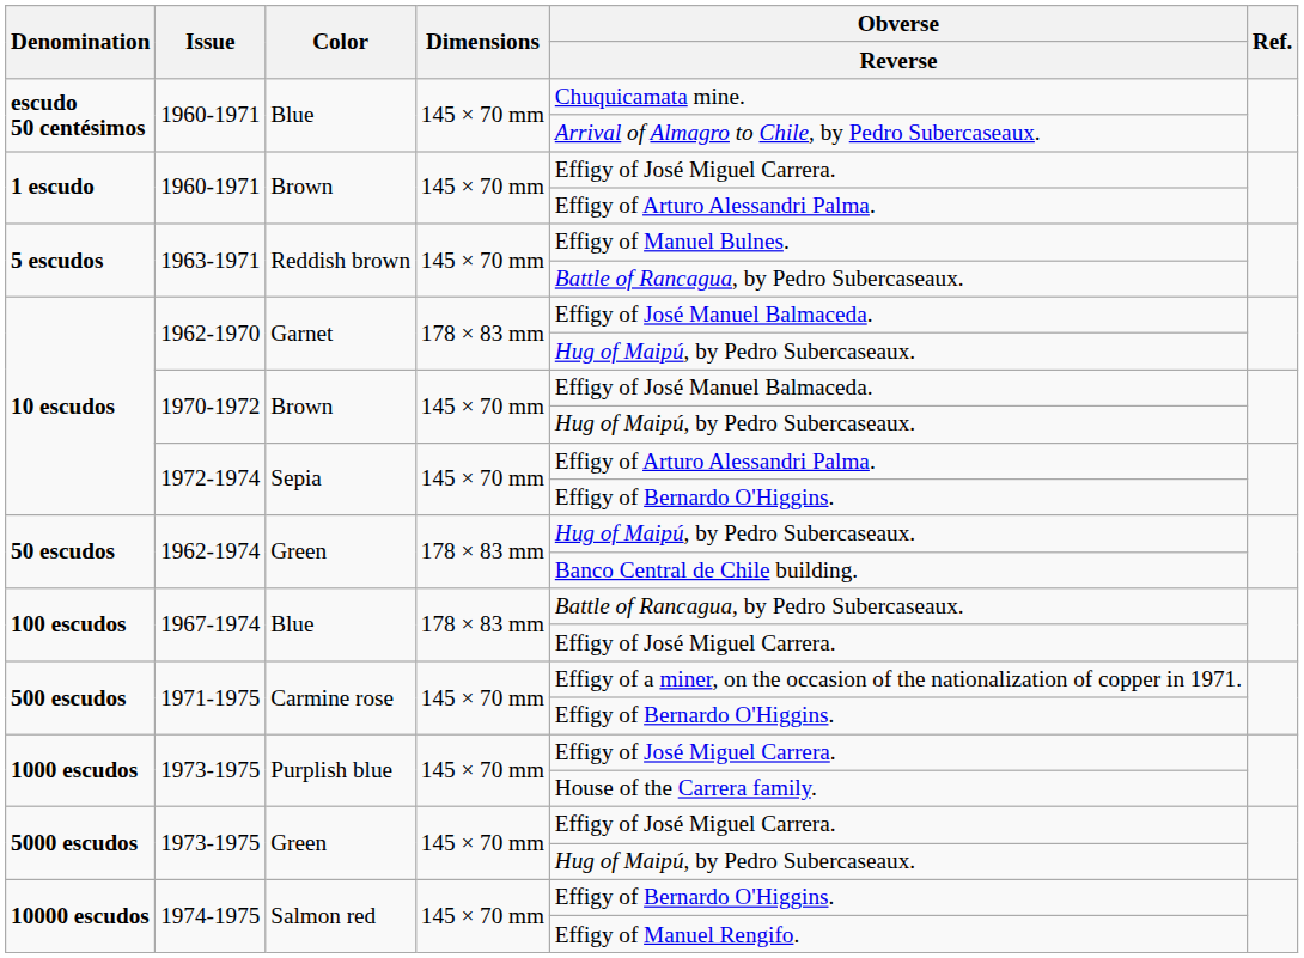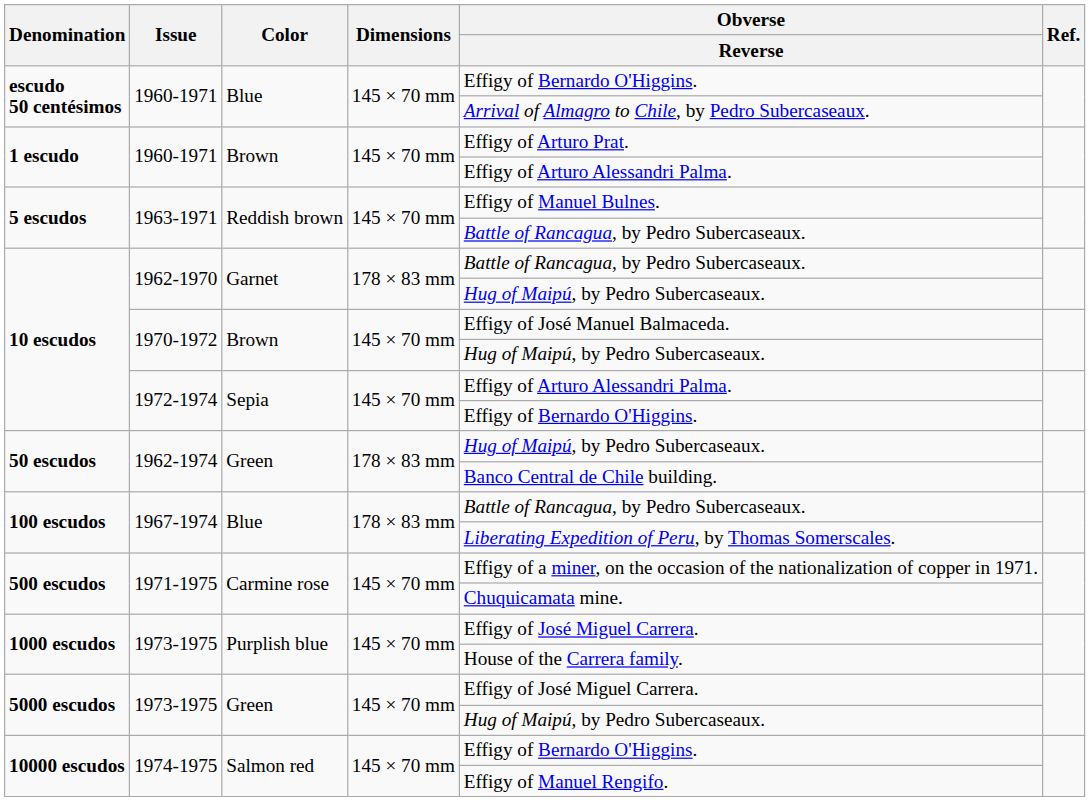 <table class="wikitable">
 <tr>
 <th rowspan=2>Denomination</th>
 <th rowspan=2>Issue</th>
 <th rowspan=2>Color</th>
 <th rowspan=2>Dimensions</th>
 <th>Obverse</th>
 <th rowspan=2>Ref.</th>
 </tr>
 <tr>
 <th>Reverse</th>
 </tr>
 <tr>
 <td rowspan=2><strong> escudo</strong><br><strong>50 centésimos</strong></td>
 <td rowspan=2>1960-1971</td>
 <td rowspan=2>Blue</td>
 <td rowspan=2>145 × 70 mm</td>
-<td><a href='#'>Chuquicamata</a> mine.</td>
+<td>Effigy of <a href='#'>Bernardo O'Higgins</a>.</td>
 <td rowspan=2></td>
 </tr>
 <tr>
 <td><em><a href='#'>Arrival</a> of <a href='#'>Almagro</a> to <a href='#'>Chile</a></em>, by <a href='#'>Pedro Subercaseaux</a>.</td>
 </tr>
 <tr>
 <td rowspan=2><strong>1 escudo</strong></td>
 <td rowspan=2>1960-1971</td>
 <td rowspan=2>Brown</td>
 <td rowspan=2>145 × 70 mm</td>
-<td>Effigy of José Miguel Carrera.</td>
+<td>Effigy of <a href='#'>Arturo Prat</a>.</td>
 <td rowspan=2></td>
 </tr>
 <tr>
 <td>Effigy of <a href='#'>Arturo Alessandri Palma</a>.</td>
 </tr>
 <tr>
 <td rowspan=2><strong>5 escudos</strong></td>
 <td rowspan=2>1963-1971</td>
 <td rowspan=2>Reddish brown</td>
 <td rowspan=2>145 × 70 mm</td>
 <td>Effigy of <a href='#'>Manuel Bulnes</a>.</td>
 <td rowspan=2></td>
 </tr>
 <tr>
 <td><em><a href='#'>Battle of Rancagua</a></em>, by Pedro Subercaseaux.</td>
 </tr>
 <tr>
 <td rowspan=6><strong>10 escudos</strong></td>
 <td rowspan=2>1962-1970</td>
 <td rowspan=2>Garnet</td>
 <td rowspan=2>178 × 83 mm</td>
-<td>Effigy of <a href='#'>José Manuel Balmaceda</a>.</td>
+<td><em>Battle of Rancagua</em>, by Pedro Subercaseaux.</td>
 <td rowspan=2></td>
 </tr>
 <tr>
 <td><em><a href='#'>Hug of Maipú</a></em>, by Pedro Subercaseaux.</td>
 </tr>
 <tr>
 <td rowspan=2>1970-1972</td>
 <td rowspan=2>Brown</td>
 <td rowspan=2>145 × 70 mm</td>
 <td>Effigy of José Manuel Balmaceda.</td>
 <td rowspan=2></td>
 </tr>
 <tr>
 <td><em>Hug of Maipú</em>, by Pedro Subercaseaux.</td>
 </tr>
 <tr>
 <td rowspan=2>1972-1974</td>
 <td rowspan=2>Sepia</td>
 <td rowspan=2>145 × 70 mm</td>
 <td>Effigy of <a href='#'>Arturo Alessandri Palma</a>.</td>
 <td rowspan=2></td>
 </tr>
 <tr>
 <td>Effigy of <a href='#'>Bernardo O'Higgins</a>.</td>
 </tr>
 <tr>
 <td rowspan=2><strong>50 escudos</strong></td>
 <td rowspan=2>1962-1974</td>
 <td rowspan=2>Green</td>
 <td rowspan=2>178 × 83 mm</td>
 <td><em><a href='#'>Hug of Maipú</a></em>, by Pedro Subercaseaux.</td>
 <td rowspan=2></td>
 </tr>
 <tr>
 <td><a href='#'>Banco Central de Chile</a> building.</td>
 </tr>
 <tr>
 <td rowspan=2><strong>100 escudos</strong></td>
 <td rowspan=2>1967-1974</td>
 <td rowspan=2>Blue</td>
 <td rowspan=2>178 × 83 mm</td>
 <td><em>Battle of Rancagua</em>, by Pedro Subercaseaux.</td>
 <td rowspan=2></td>
 </tr>
 <tr>
-<td>Effigy of José Miguel Carrera.</td>
+<td><em><a href='#'>Liberating Expedition of Peru</a></em>, by <a href='#'>Thomas Somerscales</a>.</td>
 </tr>
 <tr>
 <td rowspan=2><strong>500 escudos</strong></td>
 <td rowspan=2>1971-1975</td>
 <td rowspan=2>Carmine rose</td>
 <td rowspan=2>145 × 70 mm</td>
 <td>Effigy of a <a href='#'>miner</a>, on the occasion of the nationalization of copper in 1971.</td>
 <td rowspan=2></td>
 </tr>
 <tr>
-<td>Effigy of <a href='#'>Bernardo O'Higgins</a>.</td>
+<td><a href='#'>Chuquicamata</a> mine.</td>
 </tr>
 <tr>
 <td rowspan=2><strong>1000 escudos</strong></td>
 <td rowspan=2>1973-1975</td>
 <td rowspan=2>Purplish blue</td>
 <td rowspan=2>145 × 70 mm</td>
 <td>Effigy of <a href='#'>José Miguel Carrera</a>.</td>
 <td rowspan=2></td>
 </tr>
 <tr>
 <td>House of the <a href='#'>Carrera family</a>.</td>
 </tr>
 <tr>
 <td rowspan=2><strong>5000 escudos</strong></td>
 <td rowspan=2>1973-1975</td>
 <td rowspan=2>Green</td>
 <td rowspan=2>145 × 70 mm</td>
 <td>Effigy of José Miguel Carrera.</td>
 <td rowspan=2></td>
 </tr>
 <tr>
 <td><em>Hug of Maipú</em>, by Pedro Subercaseaux.</td>
 </tr>
 <tr>
 <td rowspan=2><strong>10000 escudos</strong></td>
 <td rowspan=2>1974-1975</td>
 <td rowspan=2>Salmon red</td>
 <td rowspan=2>145 × 70 mm</td>
 <td>Effigy of <a href='#'>Bernardo O'Higgins</a>.</td>
 <td rowspan=2></td>
 </tr>
 <tr>
 <td>Effigy of <a href='#'>Manuel Rengifo</a>.</td>
 </tr>
 </table>
